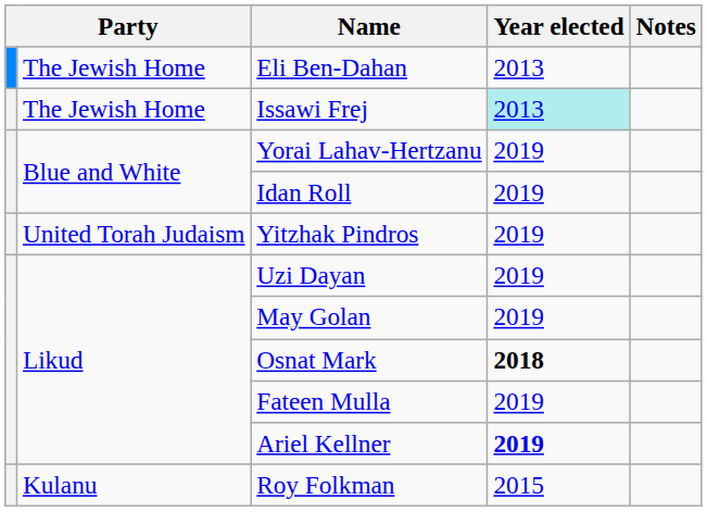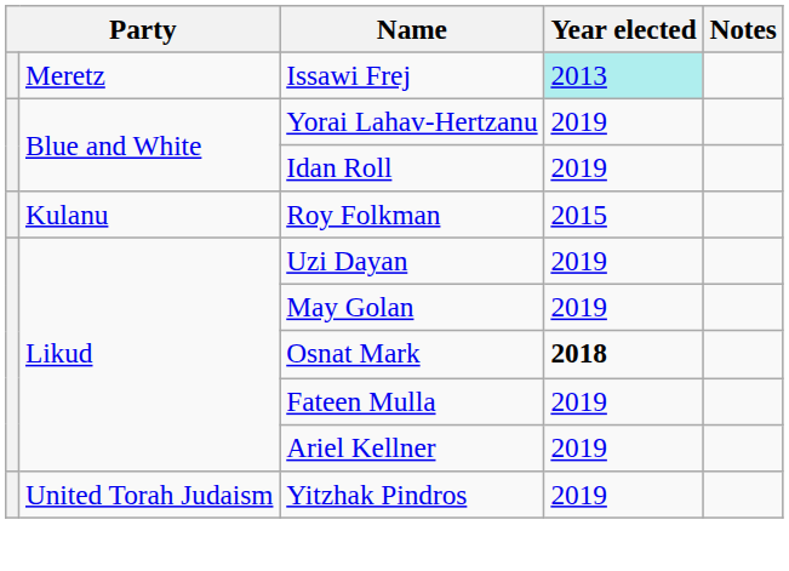 <table class="wikitable sortable" style="font-size: 95%;">
 <tr>
 <th colspan=2>Party</th>
 <th>Name</th>
 <th>Year elected</th>
 <th>Notes</th>
 </tr>
 <tr>
-<th rowspan=1 style="background-color: #0085FF"></th>
-<td rowspan=1><a href='#'>The Jewish Home</a></td>
-<td><a href='#'>Eli Ben-Dahan</a></td>
-<td><a href='#'>2013</a></td>
-<td></td>
-</tr>
-<tr>
 <th rowspan=1 style="background-color: "></th>
-<td rowspan=1><a href='#'>The Jewish Home</a></td>
+<td rowspan=1><a href='#'>Meretz</a></td>
 <td><a href='#'>Issawi Frej</a></td>
 <td style="background: paleturquoise;"><a href='#'>2013</a></td>
 <td></td>
 </tr>
 <tr>
 <th rowspan=2 style="background-color: "></th>
 <td rowspan=2><a href='#'>Blue and White</a></td>
 <td><a href='#'>Yorai Lahav-Hertzanu</a></td>
 <td><a href='#'>2019</a></td>
 <td></td>
 </tr>
 <tr>
 <td><a href='#'>Idan Roll</a></td>
 <td><a href='#'>2019</a></td>
 <td></td>
 </tr>
 <tr>
-<th style="background-color: "></th>
-<td><a href='#'>United Torah Judaism</a></td>
-<td><a href='#'>Yitzhak Pindros</a></td>
-<td><a href='#'>2019</a></td>
+<th rowspan=1 style="background-color: "></th>
+<td rowspan=1><a href='#'>Kulanu</a></td>
+<td><a href='#'>Roy Folkman</a></td>
+<td><a href='#'>2015</a></td>
 <td></td>
 </tr>
 <tr>
 <th rowspan=5 style="background-color: "></th>
 <td rowspan=5><a href='#'>Likud</a></td>
 <td><a href='#'>Uzi Dayan</a></td>
 <td><a href='#'>2019</a></td>
 <td></td>
 </tr>
 <tr>
 <td><a href='#'>May Golan</a></td>
 <td><a href='#'>2019</a></td>
 <td></td>
 </tr>
 <tr>
 <td><a href='#'>Osnat Mark</a></td>
 <td><strong>2018</strong></td>
 <td></td>
 </tr>
 <tr>
 <td><a href='#'>Fateen Mulla</a></td>
 <td><a href='#'>2019</a></td>
 <td></td>
 </tr>
 <tr>
 <td><a href='#'>Ariel Kellner</a></td>
-<td><strong><a href='#'>2019</a></strong></td>
+<td><a href='#'>2019</a></td>
 <td></td>
 </tr>
 <tr>
-<th rowspan=1 style="background-color: "></th>
-<td rowspan=1><a href='#'>Kulanu</a></td>
-<td><a href='#'>Roy Folkman</a></td>
-<td><a href='#'>2015</a></td>
+<th style="background-color: "></th>
+<td><a href='#'>United Torah Judaism</a></td>
+<td><a href='#'>Yitzhak Pindros</a></td>
+<td><a href='#'>2019</a></td>
 <td></td>
 </tr>
 </table>
